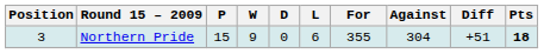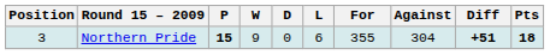 <table class="wikitable" style="text-align:center; font-size:85%;">
 <tr>
 <th width=40 abbr="Position">Position</th>
 <th width=100>Round 15 – 2009</th>
 <th width=20 abbr="Played">P</th>
 <th width=20 abbr="Won">W</th>
 <th width=20 abbr="Drawn">D</th>
 <th width=20 abbr="Lost">L</th>
 <th width=40 abbr="Points for">For</th>
 <th width=40 abbr="Points against">Against</th>
 <th width=40 abbr="Points difference">Diff</th>
 <th width=20 abbr="Points">Pts</th>
 </tr>
 <tr style="background: #d7ebed;">
 <td>3</td>
 <td style="text-align:left;"> <a href='#'>Northern Pride</a></td>
-<td>15</td>
+<td><strong>15</strong></td>
 <td>9</td>
 <td>0</td>
 <td>6</td>
 <td>355</td>
 <td>304</td>
-<td>+51</td>
+<td><strong>+51</strong></td>
 <td><strong>18</strong></td>
 </tr>
 <tr>
 </tr>
 </table>
